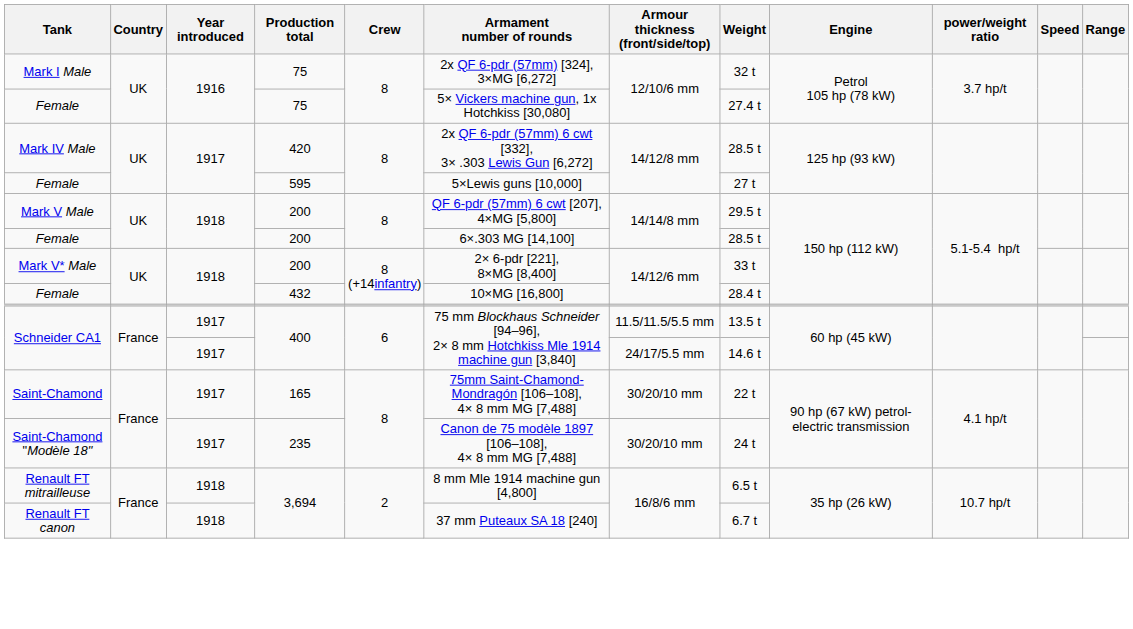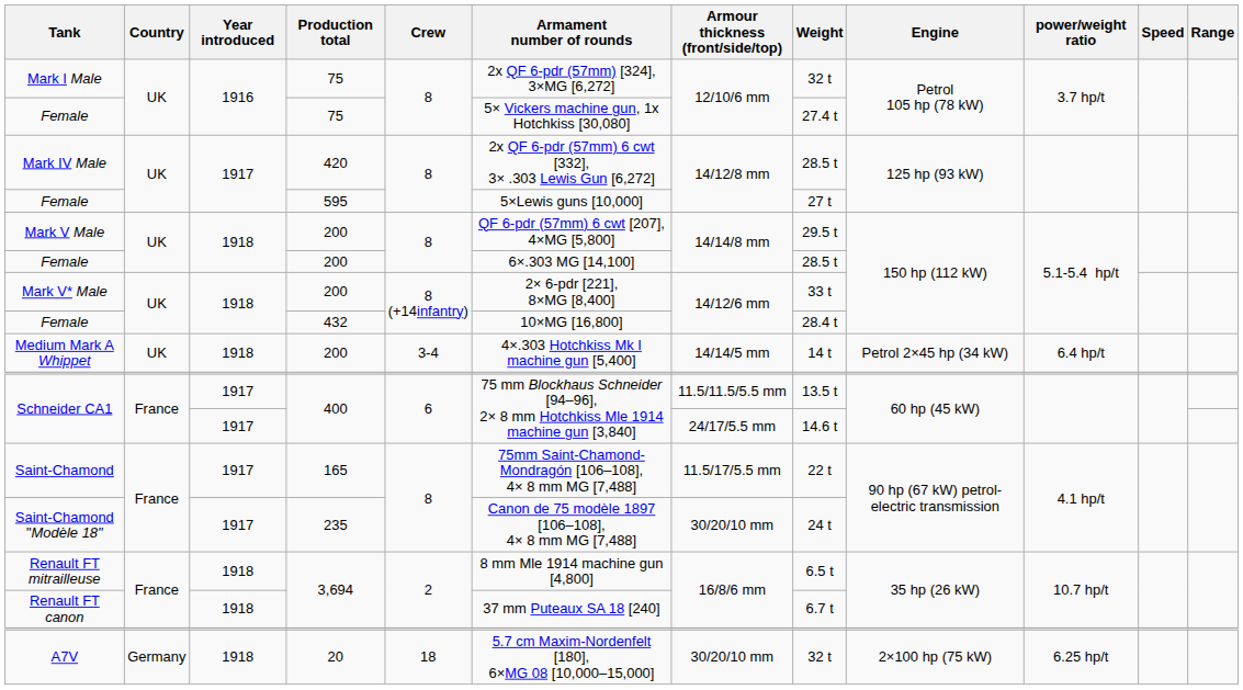 <table class="wikitable" style="font-size:90%;">
 <tr>
 <th>Tank</th>
 <th>Country</th>
 <th>Year introduced</th>
 <th>Production total</th>
 <th>Crew</th>
 <th>Armament <br>number of rounds</th>
 <th>Armour thickness <br> (front/side/top)</th>
 <th>Weight<br></th>
 <th>Engine</th>
 <th>power/weight ratio</th>
 <th>Speed</th>
 <th>Range</th>
 </tr>
 <tr align=center>
 <td><a href='#'>Mark I</a> <em>Male</em></td>
 <td rowspan=2>UK</td>
 <td rowspan=2>1916</td>
 <td>75</td>
 <td rowspan=2>8</td>
 <td>2x <a href='#'>QF 6-pdr (57mm)</a> [324], <br>3×MG [6,272]</td>
 <td rowspan=2>12/10/6 mm</td>
 <td>32 t</td>
 <td rowspan=2>Petrol <br>105 hp (78 kW)</td>
 <td rowspan=2>3.7 hp/t</td>
 <td rowspan=2></td>
 <td rowspan=2></td>
 </tr>
 <tr align=center style="border-top-width:1px; border-top-style:dotted;">
 <td><em>Female</em></td>
 <td>75</td>
 <td>5×  <a href='#'>Vickers machine gun</a>, 1x Hotchkiss [30,080]</td>
 <td>27.4 t</td>
 </tr>
 <tr align=center>
 <td><a href='#'>Mark IV</a> <em>Male</em></td>
 <td rowspan=2>UK</td>
 <td rowspan=2>1917</td>
 <td>420</td>
 <td rowspan=2>8</td>
 <td>2x <a href='#'>QF 6-pdr (57mm) 6 cwt</a> [332], <br>3× .303 <a href='#'>Lewis Gun</a>  [6,272]</td>
 <td rowspan=2>14/12/8 mm</td>
 <td>28.5 t</td>
 <td rowspan=2>125 hp (93 kW)</td>
 <td rowspan=2></td>
 <td rowspan=2></td>
 <td rowspan=2></td>
 </tr>
 <tr align=center style="border-top-width:1px; border-top-style:dotted;">
 <td><em>Female</em></td>
 <td>595</td>
 <td>5×Lewis guns [10,000]</td>
 <td>27 t</td>
 </tr>
 <tr align=center>
 <td><a href='#'>Mark V</a> <em>Male</em></td>
 <td rowspan=2>UK</td>
 <td rowspan=2>1918</td>
 <td>200</td>
 <td rowspan=2>8</td>
 <td><a href='#'>QF 6-pdr (57mm) 6 cwt</a> [207], <br>4×MG [5,800]</td>
 <td rowspan=2>14/14/8 mm</td>
 <td>29.5 t</td>
 <td rowspan=4>150 hp (112 kW)</td>
 <td rowspan=4>5.1-5.4  hp/t</td>
 <td rowspan=2></td>
 <td rowspan=2></td>
 </tr>
 <tr align=center style="border-top-width:1px; border-top-style:dotted;">
 <td><em>Female</em></td>
 <td>200</td>
 <td>6×.303 MG [14,100]</td>
 <td>28.5 t</td>
 </tr>
 <tr align=center style="border-top-width:1px; border-top-style:dotted;">
 <td><a href='#'>Mark V*</a> <em>Male</em></td>
 <td rowspan=2>UK</td>
 <td rowspan=2>1918</td>
 <td>200</td>
 <td rowspan=2>8<br>(+14<a href='#'>infantry</a>)</td>
 <td>2× 6-pdr [221], <br>8×MG [8,400]</td>
 <td rowspan=2>14/12/6 mm</td>
 <td>33 t</td>
 <td rowspan=2></td>
 <td rowspan=2></td>
 </tr>
 <tr align=center style="border-top-width:1px; border-top-style:dotted;">
 <td><em>Female</em></td>
 <td>432</td>
 <td>10×MG [16,800]</td>
 <td>28.4 t</td>
 </tr>
+<tr align=center>
+<td><a href='#'>Medium Mark A <em>Whippet</em></a></td>
+<td>UK</td>
+<td>1918</td>
+<td>200</td>
+<td>3-4</td>
+<td>4×.303 <a href='#'>Hotchkiss Mk I machine gun</a> [5,400]</td>
+<td>14/14/5 mm</td>
+<td>14 t</td>
+<td>Petrol 2×45 hp (34 kW)</td>
+<td>6.4 hp/t</td>
+<td></td>
+<td></td>
+</tr>
 <tr align=center style="border-top:3px double #999;">
 <td rowspan=2><a href='#'>Schneider CA1</a></td>
 <td rowspan=2>France</td>
 <td>1917</td>
 <td rowspan=2>400</td>
 <td rowspan=2>6</td>
 <td rowspan=2>75 mm <em>Blockhaus Schneider</em> [94–96], <br>2× 8 mm <a href='#'>Hotchkiss Mle 1914 machine gun</a> [3,840]</td>
 <td>11.5/11.5/5.5 mm</td>
 <td>13.5 t</td>
 <td rowspan=2>60 hp (45 kW)</td>
 <td rowspan=2></td>
 <td rowspan=2></td>
 <td></td>
 </tr>
 <tr align=center style="border-top-width:1px; border-top-style:dotted;">
 <td>1917</td>
 <td>24/17/5.5 mm</td>
 <td>14.6 t</td>
 <td></td>
 </tr>
 <tr align=center>
 <td><a href='#'>Saint-Chamond</a></td>
 <td rowspan=2>France</td>
 <td>1917</td>
 <td>165</td>
 <td rowspan=2>8</td>
 <td><a href='#'>75mm Saint-Chamond-Mondragón</a> [106–108], <br>4× 8 mm MG [7,488]</td>
-<td>30/20/10 mm</td>
+<td>11.5/17/5.5 mm</td>
 <td>22 t</td>
 <td rowspan=2>90 hp (67 kW)  petrol-electric transmission</td>
 <td rowspan=2>4.1 hp/t</td>
 <td rowspan=2></td>
 <td rowspan=2></td>
 </tr>
 <tr align=center style="border-top-width:1px; border-top-style:dotted;">
 <td><a href='#'>Saint-Chamond</a><br>"<em>Modèle 18"</em></td>
 <td>1917</td>
 <td>235</td>
 <td><a href='#'>Canon de 75 modèle 1897</a> [106–108], <br>4× 8 mm MG [7,488]</td>
 <td>30/20/10 mm</td>
 <td>24 t</td>
 </tr>
 <tr align=center>
 <td><a href='#'>Renault FT</a>  <em>mitrailleuse</em></td>
 <td rowspan=2>France</td>
 <td>1918</td>
 <td rowspan=2>3,694</td>
 <td rowspan=2>2</td>
 <td>8 mm Mle 1914 machine gun [4,800]</td>
 <td rowspan=2>16/8/6 mm</td>
 <td>6.5 t</td>
 <td rowspan=2>35 hp (26 kW)</td>
 <td rowspan=2>10.7 hp/t</td>
 <td rowspan=2></td>
 <td rowspan=2></td>
 </tr>
 <tr align=center style="border-top-width:1px; border-top-style:dotted;">
 <td><a href='#'>Renault FT</a>  <em>canon</em></td>
 <td>1918</td>
 <td>37 mm <a href='#'>Puteaux SA 18</a> [240]</td>
 <td>6.7 t</td>
 </tr>
+<tr align=center style="border-top:3px double #999;">
+<td><a href='#'>A7V</a></td>
+<td>Germany</td>
+<td>1918</td>
+<td>20</td>
+<td>18</td>
+<td><a href='#'>5.7 cm Maxim-Nordenfelt</a> [180], <br>6×<a href='#'>MG 08</a> [10,000–15,000]</td>
+<td>30/20/10 mm</td>
+<td>32 t</td>
+<td>2×100 hp (75 kW)</td>
+<td>6.25 hp/t</td>
+<td></td>
+<td></td>
+</tr>
 </table>
